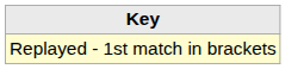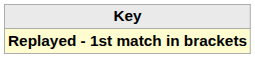 <table class="wikitable" border="1">
 <tr>
 <th style="background:#eaeaea">Key</th>
 </tr>
 <tr>
-<td bgcolor="#fffdd0" style="text-align: left"> Replayed - 1st match in brackets</td>
+<td bgcolor="#fffdd0" style="text-align: left"><strong> Replayed - 1st match in brackets</strong></td>
 </tr>
 </table>
